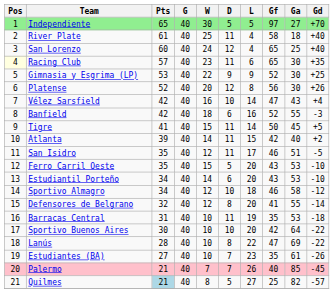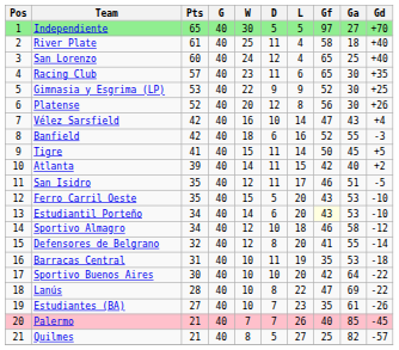 <table class="wikitable" style="text-align:center">
 <tr>
 <th width=30px>Pos</th>
 <th width=200px>Team</th>
 <th width=30px>Pts</th>
 <th width=30px>G</th>
 <th width=30px>W</th>
 <th width=30px>D</th>
 <th width=30px>L</th>
 <th width=30px>Gf</th>
 <th width=30px>Ga</th>
 <th width=30px>Gd</th>
 </tr>
 <tr bgcolor="lightgreen">
 <td>1</td>
 <td align="left"><a href='#'>Independiente</a></td>
 <td>65</td>
 <td>40</td>
 <td>30</td>
 <td>5</td>
 <td>5</td>
 <td>97</td>
 <td>27</td>
 <td>+70</td>
 </tr>
 <tr>
 <td>2</td>
 <td align="left"><a href='#'>River Plate</a></td>
 <td>61</td>
 <td>40</td>
 <td>25</td>
 <td>11</td>
 <td>4</td>
 <td>58</td>
 <td>18</td>
 <td>+40</td>
 </tr>
 <tr>
 <td>3</td>
 <td align="left"><a href='#'>San Lorenzo</a></td>
 <td>60</td>
 <td>40</td>
 <td>24</td>
 <td>12</td>
 <td>4</td>
 <td>65</td>
 <td>25</td>
 <td>+40</td>
 </tr>
 <tr>
-<td style="background: lightyellow;">4</td>
+<td>4</td>
 <td align="left"><a href='#'>Racing Club</a></td>
 <td>57</td>
 <td>40</td>
 <td>23</td>
 <td>11</td>
 <td>6</td>
 <td>65</td>
 <td>30</td>
 <td>+35</td>
 </tr>
 <tr>
 <td>5</td>
 <td align="left"><a href='#'>Gimnasia y Esgrima (LP)</a></td>
 <td>53</td>
 <td>40</td>
 <td>22</td>
 <td>9</td>
 <td>9</td>
 <td>52</td>
 <td>30</td>
 <td>+25</td>
 </tr>
 <tr>
 <td>6</td>
 <td align="left"><a href='#'>Platense</a></td>
 <td>52</td>
 <td>40</td>
 <td>20</td>
 <td>12</td>
 <td>8</td>
 <td>56</td>
 <td>30</td>
 <td>+26</td>
 </tr>
 <tr>
 <td>7</td>
 <td align="left"><a href='#'>Vélez Sarsfield</a></td>
 <td>42</td>
 <td>40</td>
 <td>16</td>
 <td>10</td>
 <td>14</td>
 <td>47</td>
 <td>43</td>
 <td>+4</td>
 </tr>
 <tr>
 <td>8</td>
 <td align="left"><a href='#'>Banfield</a></td>
 <td>42</td>
 <td>40</td>
 <td>18</td>
 <td>6</td>
 <td>16</td>
 <td>52</td>
 <td>55</td>
 <td>-3</td>
 </tr>
 <tr>
 <td>9</td>
 <td align="left"><a href='#'>Tigre</a></td>
 <td>41</td>
 <td>40</td>
 <td>15</td>
 <td>11</td>
 <td>14</td>
 <td>50</td>
 <td>45</td>
 <td>+5</td>
 </tr>
 <tr>
 <td>10</td>
 <td align="left"><a href='#'>Atlanta</a></td>
 <td>39</td>
 <td>40</td>
 <td>14</td>
 <td>11</td>
 <td>15</td>
 <td>42</td>
 <td>40</td>
 <td>+2</td>
 </tr>
 <tr>
 <td>11</td>
 <td align="left"><a href='#'>San Isidro</a></td>
 <td>35</td>
 <td>40</td>
 <td>12</td>
 <td>11</td>
 <td>17</td>
 <td>46</td>
 <td>51</td>
 <td>-5</td>
 </tr>
 <tr>
 <td>12</td>
 <td align="left"><a href='#'>Ferro Carril Oeste</a></td>
 <td>35</td>
 <td>40</td>
 <td>15</td>
 <td>5</td>
 <td>20</td>
 <td>43</td>
 <td>53</td>
 <td>-10</td>
 </tr>
 <tr>
 <td>13</td>
 <td align="left"><a href='#'>Estudiantil Porteño</a></td>
 <td>34</td>
 <td>40</td>
 <td>14</td>
 <td>6</td>
 <td>20</td>
-<td>43</td>
+<td style="background: lightyellow;">43</td>
 <td>53</td>
 <td>-10</td>
 </tr>
 <tr>
 <td>14</td>
 <td align="left"><a href='#'>Sportivo Almagro</a></td>
 <td>34</td>
 <td>40</td>
 <td>12</td>
 <td>10</td>
 <td>18</td>
 <td>46</td>
 <td>58</td>
 <td>-12</td>
 </tr>
 <tr>
 <td>15</td>
 <td align="left"><a href='#'>Defensores de Belgrano</a></td>
 <td>32</td>
 <td>40</td>
 <td>12</td>
 <td>8</td>
 <td>20</td>
 <td>41</td>
 <td>55</td>
 <td>-14</td>
 </tr>
 <tr>
 <td>16</td>
 <td align="left"><a href='#'>Barracas Central</a></td>
 <td>31</td>
 <td>40</td>
 <td>10</td>
 <td>11</td>
 <td>19</td>
 <td>35</td>
 <td>53</td>
 <td>-18</td>
 </tr>
 <tr>
 <td>17</td>
 <td align="left"><a href='#'>Sportivo Buenos Aires</a></td>
 <td>30</td>
 <td>40</td>
 <td>10</td>
 <td>10</td>
 <td>20</td>
 <td>42</td>
 <td>64</td>
 <td>-22</td>
 </tr>
 <tr>
 <td>18</td>
 <td align="left"><a href='#'>Lanús</a></td>
 <td>28</td>
 <td>40</td>
 <td>10</td>
 <td>8</td>
 <td>22</td>
 <td>47</td>
 <td>69</td>
 <td>-22</td>
 </tr>
 <tr>
 <td>19</td>
 <td align="left"><a href='#'>Estudiantes (BA)</a></td>
 <td>27</td>
 <td>40</td>
 <td>10</td>
 <td>7</td>
 <td>23</td>
 <td>35</td>
 <td>61</td>
 <td>-26</td>
 </tr>
 <tr bgcolor="pink">
 <td>20</td>
 <td align="left"><a href='#'>Palermo</a></td>
 <td>21</td>
 <td>40</td>
 <td>7</td>
 <td>7</td>
 <td>26</td>
 <td>40</td>
 <td>85</td>
 <td>-45</td>
 </tr>
 <tr>
 <td>21</td>
 <td align="left"><a href='#'>Quilmes</a></td>
-<td style="background: lightblue;">21</td>
+<td>21</td>
 <td>40</td>
 <td>8</td>
 <td>5</td>
 <td>27</td>
 <td>25</td>
 <td>82</td>
 <td>-57</td>
 </tr>
 <tr>
 </tr>
 </table>
